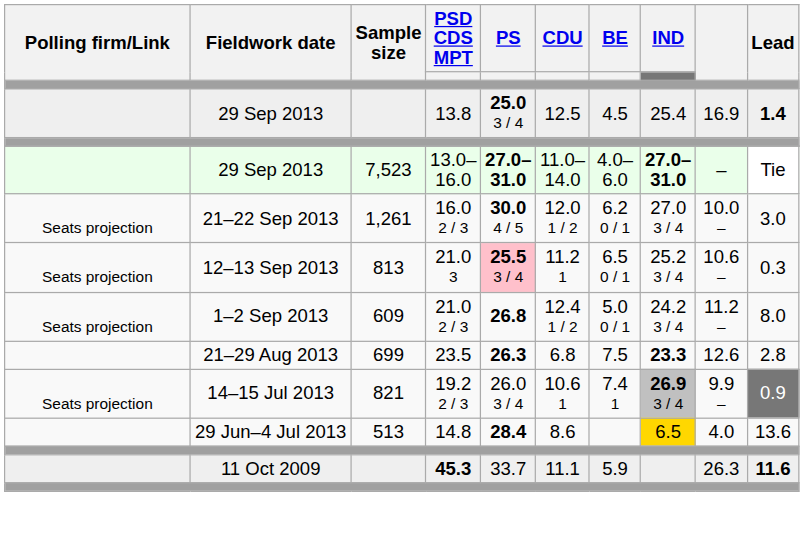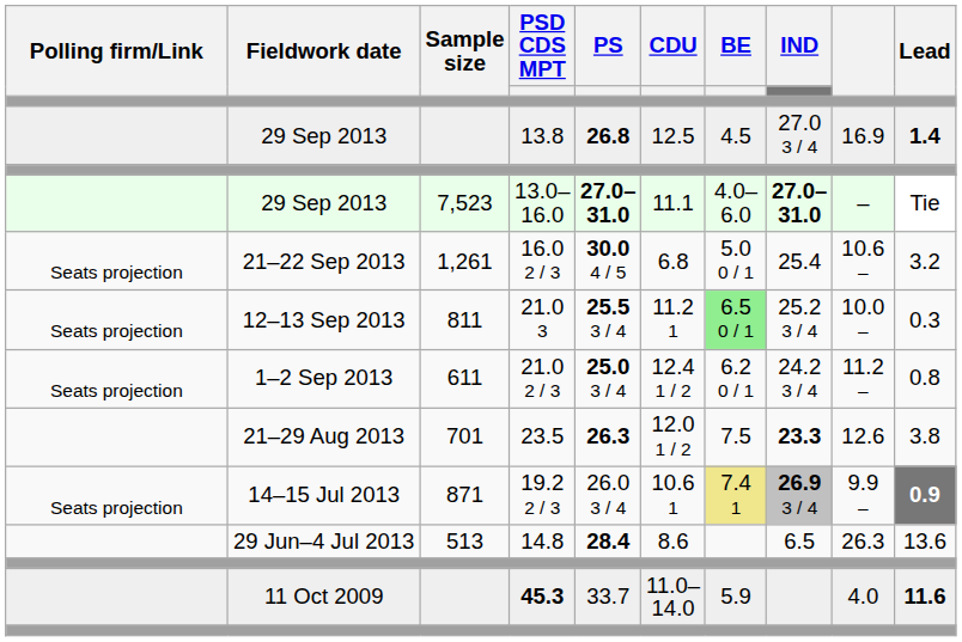 <table class="wikitable collapsible sortable" style="text-align:center; font-size:95%; line-height:16px;">
 <tr style="height:42px;">
 <th style="width:145px;" rowspan="2">Polling firm/Link</th>
 <th style="width:125px;" rowspan="2">Fieldwork date</th>
 <th class="unsortable" style="width:50px;" rowspan="2">Sample size</th>
 <th class="unsortable" style="width:35px;"><a href='#'>PSD</a><br><a href='#'>CDS</a><br><a href='#'>MPT</a></th>
 <th class="unsortable" style="width:35px;"><a href='#'>PS</a></th>
 <th class="unsortable" style="width:35px;"><a href='#'>CDU</a></th>
 <th class="unsortable" style="width:35px;"><a href='#'>BE</a></th>
 <th class="unsortable" style="width:35px;"><a href='#'>IND</a></th>
 <th class="unsortable" style="width:35px;" rowspan="2"></th>
 <th class="unsortable" style="width:30px;" rowspan="2">Lead</th>
 </tr>
 <tr>
 <th class="unsortable" style="color:inherit;background:"></th>
 <th class="unsortable" style="color:inherit;background:"></th>
 <th class="unsortable" style="color:inherit;background:"></th>
 <th class="unsortable" style="color:inherit;background:"></th>
 <th class="unsortable" style="color:inherit;background:#777777;"></th>
 </tr>
 <tr>
 <td colspan="12" style="background:#A0A0A0"></td>
 </tr>
 <tr style="background:#EFEFEF;">
 <td><strong></strong></td>
 <td data-sort-value="2019-10-06">29 Sep 2013</td>
 <td></td>
 <td>13.8<br></td>
-<td align="center" ><strong>25.0</strong><br><small>3 / 4  </small></td>
+<td><strong>26.8</strong><br></td>
 <td>12.5<br></td>
 <td>4.5<br></td>
-<td>25.4<br></td>
+<td align="center">27.0<br><small>3 / 4   </small></td>
 <td>16.9<br></td>
 <td style="background:"><strong>1.4</strong></td>
 </tr>
 <tr>
 <td colspan="12" style="background:#A0A0A0"></td>
 </tr>
 <tr>
 </tr>
 <tr style="background:#EAFFEA"|>
 <td></td>
 <td data-sort-value="2019-10-06">29 Sep 2013</td>
 <td>7,523</td>
 <td>13.0–<br>16.0<br></td>
 <td><strong>27.0–<br>31.0</strong><br></td>
-<td>11.0–<br>14.0<br></td>
+<td>11.1<br></td>
 <td>4.0–<br>6.0<br></td>
 <td><strong>27.0–<br>31.0</strong><br></td>
 <td>–</td>
 <td style="background:white; color:black;">Tie</td>
 </tr>
 <tr>
 <td align="center"><br><small>Seats projection</small></td>
 <td align="center">21–22 Sep 2013</td>
 <td>1,261</td>
 <td align="center">16.0<br><small> 2 / 3  </small></td>
 <td align="center" ><strong>30.0</strong><br><small>4 / 5  </small></td>
-<td align="center">12.0<br><small>1 / 2   </small></td>
-<td align="center">6.2<br><small>0 / 1  </small></td>
-<td align="center">27.0<br><small>3 / 4   </small></td>
-<td align="center">10.0<br><small>– </small></td>
-<td style="background:">3.0</td>
+<td align="center">6.8</td>
+<td align="center">5.0<br><small>0 / 1  </small></td>
+<td>25.4<br></td>
+<td align="center">10.6<br><small>– </small></td>
+<td style="background:">3.2</td>
 </tr>
 <tr>
 <td align="center"><br><small>Seats projection</small></td>
 <td align="center">12–13 Sep 2013</td>
-<td>813</td>
+<td>811</td>
 <td align="center">21.0<br><small> 3  </small></td>
-<td align="center"  style="background: pink;"><strong>25.5</strong><br><small>3 / 4  </small></td>
+<td align="center" ><strong>25.5</strong><br><small>3 / 4  </small></td>
 <td align="center">11.2<br><small>1   </small></td>
-<td align="center">6.5<br><small>0 / 1  </small></td>
+<td align="center" style="background: lightgreen;">6.5<br><small>0 / 1  </small></td>
 <td align="center">25.2<br><small>3 / 4   </small></td>
-<td align="center">10.6<br><small>– </small></td>
+<td align="center">10.0<br><small>– </small></td>
 <td style="background:">0.3</td>
 </tr>
 <tr>
 <td align="center"><br><small>Seats projection</small></td>
 <td align="center">1–2 Sep 2013</td>
-<td>609</td>
+<td>611</td>
 <td align="center">21.0<br><small>2 / 3  </small></td>
-<td><strong>26.8</strong><br></td>
+<td align="center" ><strong>25.0</strong><br><small>3 / 4  </small></td>
 <td align="center">12.4<br><small>1 / 2  </small></td>
-<td align="center">5.0<br><small>0 / 1  </small></td>
+<td align="center">6.2<br><small>0 / 1  </small></td>
 <td align="center">24.2<br><small>3 / 4   </small></td>
 <td align="center">11.2<br><small>– </small></td>
-<td style="background:">8.0</td>
+<td style="background:">0.8</td>
 </tr>
 <tr>
 <td align="center"></td>
 <td align="center">21–29 Aug 2013</td>
-<td>699</td>
+<td>701</td>
 <td align="center">23.5</td>
 <td align="center" ><strong>26.3</strong></td>
-<td align="center">6.8</td>
+<td align="center">12.0<br><small>1 / 2   </small></td>
 <td align="center">7.5</td>
 <td align="center"><strong>23.3</strong></td>
 <td align="center">12.6</td>
-<td style="background:">2.8</td>
+<td style="background:">3.8</td>
 </tr>
 <tr>
 <td align="center"><br><small>Seats projection</small></td>
 <td align="center">14–15 Jul 2013</td>
-<td>821</td>
+<td>871</td>
 <td align="center">19.2<br><small>2 / 3 </small></td>
 <td align="center">26.0<br><small>3 / 4</small></td>
 <td align="center">10.6<br><small>1 </small></td>
-<td align="center">7.4<br><small>1 </small></td>
+<td align="center" style="background: khaki;">7.4<br><small>1 </small></td>
 <td align="center" style="background:#C0C0C0"><strong>26.9</strong><br><small>3 / 4 </small></td>
 <td align="center">9.9<br><small>– </small></td>
-<td style="background:#777777;; color:white;">0.9</td>
+<td style="background:#777777;; color:white;"><strong>0.9</strong></td>
 </tr>
 <tr>
 <td align="center"></td>
 <td align="center">29 Jun–4 Jul 2013</td>
 <td>513</td>
 <td align="center">14.8</td>
 <td align="center" ><strong>28.4</strong></td>
 <td align="center">8.6</td>
 <td></td>
-<td align="center" style="background: gold;">6.5</td>
-<td>4.0<br></td>
+<td align="center">6.5</td>
+<td align="center">26.3</td>
 <td style="background:">13.6</td>
 </tr>
 <tr>
 <td colspan="12" style="background:#A0A0A0"></td>
 </tr>
 <tr style="background:#EFEFEF;">
 <td><strong></strong></td>
 <td data-sort-value="2019-10-06">11 Oct 2009</td>
 <td></td>
 <td><strong>45.3</strong><br></td>
 <td>33.7<br></td>
-<td>11.1<br></td>
+<td>11.0–<br>14.0<br></td>
 <td>5.9<br></td>
 <td></td>
-<td align="center">26.3</td>
+<td>4.0<br></td>
 <td style="background:"><strong>11.6</strong></td>
 </tr>
 <tr>
 <td colspan="12" style="background:#A0A0A0"></td>
 </tr>
 </table>
